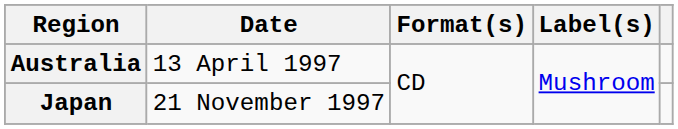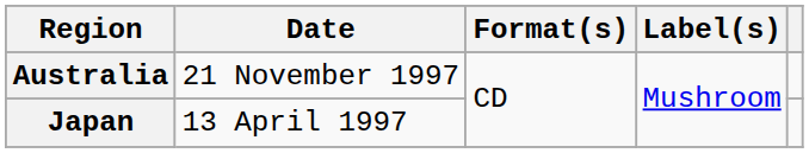 <table class="wikitable plainrowheaders">
 <tr>
 <th scope="col">Region</th>
 <th scope="col">Date</th>
 <th scope="col">Format(s)</th>
 <th scope="col">Label(s)</th>
 <th scope="col"></th>
 </tr>
 <tr>
 <th scope="row">Australia</th>
-<td>13 April 1997</td>
+<td>21 November 1997</td>
 <td rowspan="2">CD</td>
 <td rowspan="2"><a href='#'>Mushroom</a></td>
 <td></td>
 </tr>
 <tr>
 <th scope="row">Japan</th>
-<td>21 November 1997</td>
+<td>13 April 1997</td>
 <td></td>
 </tr>
 </table>
